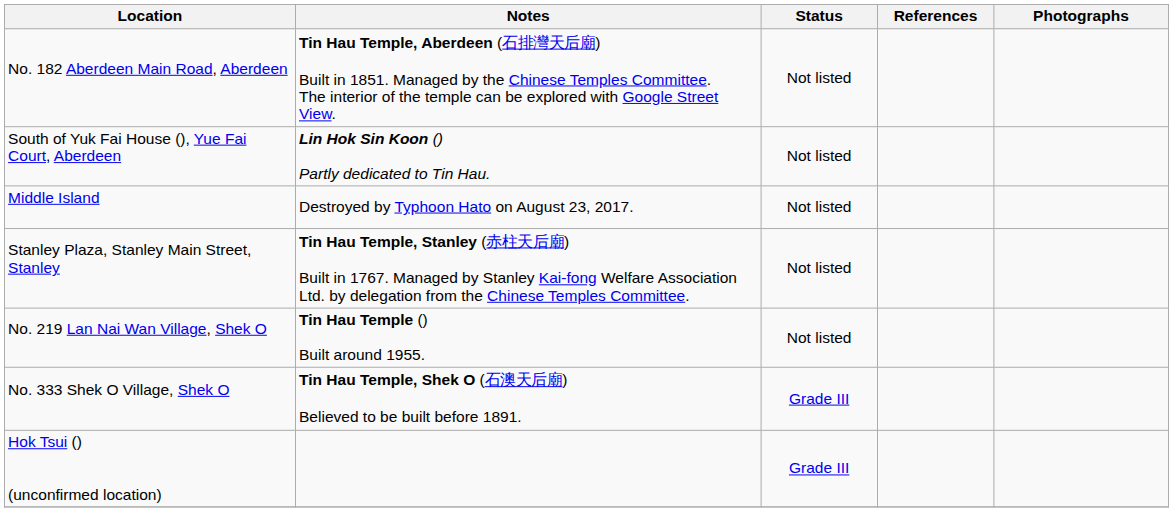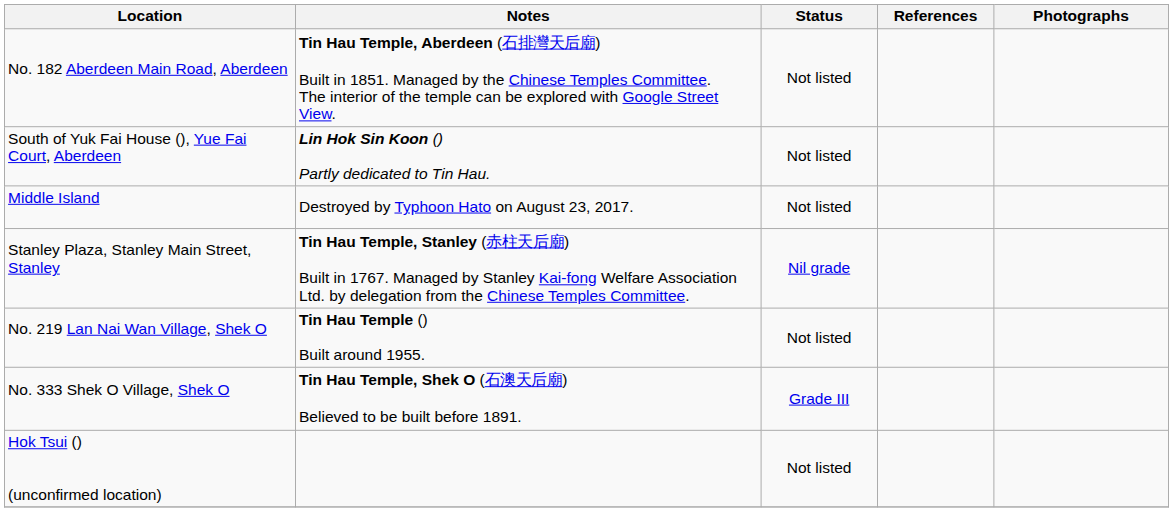 <table class="wikitable sortable" style="width:95%">
 <tr>
 <th width="25%">Location</th>
 <th width="40%">Notes</th>
 <th width="10%">Status</th>
 <th width="10%">References</th>
 <th width="15%">Photographs</th>
 </tr>
 <tr>
 <td>No. 182 <a href='#'>Aberdeen Main Road</a>, <a href='#'>Aberdeen</a><br><br></td>
 <td><strong>Tin Hau Temple, Aberdeen</strong> (<a href='#'>石排灣天后廟</a>)<br><br>Built in 1851. Managed by the <a href='#'>Chinese Temples Committee</a>.<br> The interior of the temple can be explored with <a href='#'>Google Street View</a>.</td>
 <td style="text-align:center">Not listed</td>
 <td>     </td>
 <td></td>
 </tr>
 <tr>
 <td>South of Yuk Fai House (), <a href='#'>Yue Fai Court</a>, <a href='#'>Aberdeen</a><br><br></td>
 <td><strong><em>Lin Hok Sin Koon</em></strong> <em>()</em><br><br><em>Partly dedicated to Tin Hau.</em></td>
 <td style="text-align:center">Not listed</td>
 <td></td>
 <td></td>
 </tr>
 <tr>
 <td><a href='#'>Middle Island</a><br><br></td>
 <td>Destroyed by <a href='#'>Typhoon Hato</a> on August 23, 2017.</td>
 <td style="text-align:center">Not listed</td>
 <td></td>
 <td></td>
 </tr>
 <tr>
 <td>Stanley Plaza, Stanley Main Street, <a href='#'>Stanley</a><br><br></td>
 <td><strong>Tin Hau Temple, Stanley</strong> (<a href='#'>赤柱天后廟</a>)<br><br>Built in 1767. Managed by Stanley <a href='#'>Kai-fong</a> Welfare Association Ltd. by delegation from the <a href='#'>Chinese Temples Committee</a>.</td>
-<td style="text-align:center">Not listed</td>
+<td style="text-align:center"><a href='#'>Nil grade</a></td>
 <td>    </td>
 <td></td>
 </tr>
 <tr>
 <td>No. 219 <a href='#'>Lan Nai Wan Village</a>, <a href='#'>Shek O</a><br><br></td>
 <td><strong>Tin Hau Temple</strong> ()<br><br>Built around 1955.</td>
 <td style="text-align:center">Not listed</td>
 <td>   </td>
 <td></td>
 </tr>
 <tr>
 <td>No. 333 Shek O Village, <a href='#'>Shek O</a><br><br></td>
 <td><strong>Tin Hau Temple, Shek O</strong> (<a href='#'>石澳天后廟</a>)<br><br>Believed to be built before 1891.</td>
 <td style="text-align:center"><a href='#'>Grade III</a></td>
 <td>  </td>
 <td></td>
 </tr>
 <tr>
 <td><a href='#'>Hok Tsui</a> ()<br><br><br>(unconfirmed location)</td>
 <td></td>
-<td style="text-align:center"><a href='#'>Grade III</a></td>
+<td style="text-align:center">Not listed</td>
 <td></td>
 <td></td>
 </tr>
 <tr>
 </tr>
 </table>
